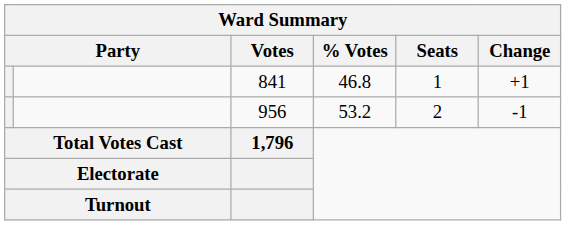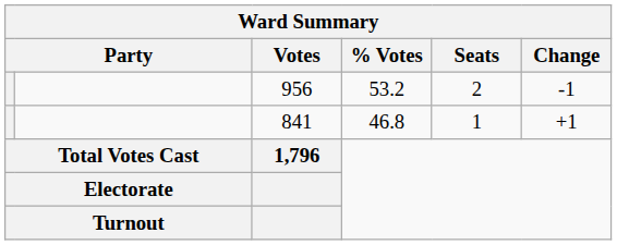 <table class="wikitable" style="font-size: 95%;">
 <tr style="background-color:#E9E9E9">
 <th colspan="6">Ward Summary</th>
 </tr>
 <tr style="background-color:#E9E9E9">
 <th colspan="2">Party</th>
 <th style="width: 60px">Votes</th>
 <th style="width: 60px">% Votes</th>
 <th style="width: 60px">Seats</th>
 <th style="width: 60px">Change</th>
 </tr>
 <tr>
 <th style="background-color: "></th>
 <td style="width: 170px"><a href='#'></a></td>
+<td align="center">956</td>
+<td align="center">53.2</td>
+<td align="center">2</td>
+<td align="center">-1</td>
+</tr>
+<tr>
+<th style="background-color: "></th>
+<td style="width: 170px"><a href='#'></a></td>
 <td align="center">841</td>
 <td align="center">46.8</td>
 <td align="center">1</td>
 <td align="center">+1</td>
-</tr>
-<tr>
-<th style="background-color: "></th>
-<td style="width: 170px"><a href='#'></a></td>
-<td align="center">956</td>
-<td align="center">53.2</td>
-<td align="center">2</td>
-<td align="center">-1</td>
 </tr>
 <tr style="background-color:#E9E9E9">
 <th colspan="2">Total Votes Cast</th>
 <th style="width: 60px">1,796</th>
 </tr>
 <tr style="background-color:#E9E9E9">
 <th colspan="2">Electorate</th>
 <th style="width: 60px"></th>
 </tr>
 <tr style="background-color:#E9E9E9">
 <th colspan="2">Turnout</th>
 <th style="width: 60px"></th>
 </tr>
 </table>
